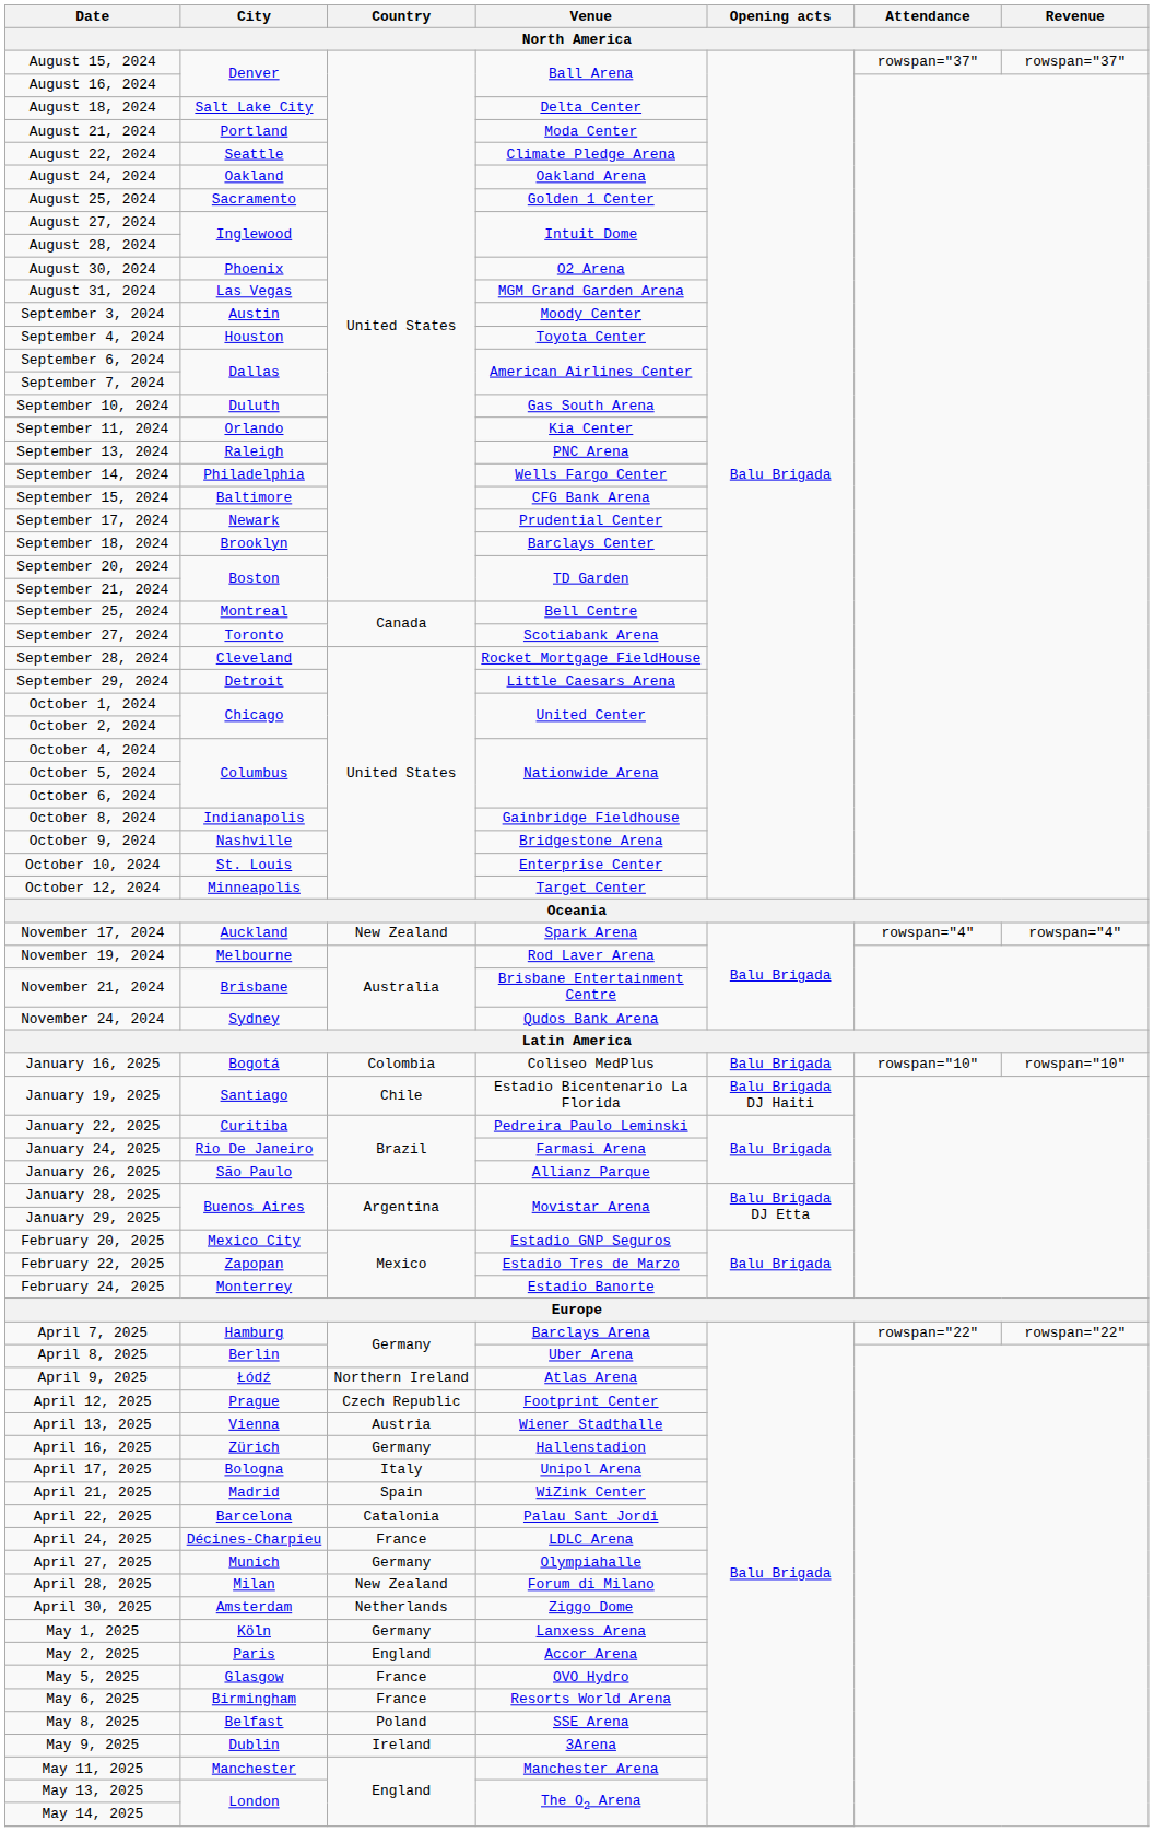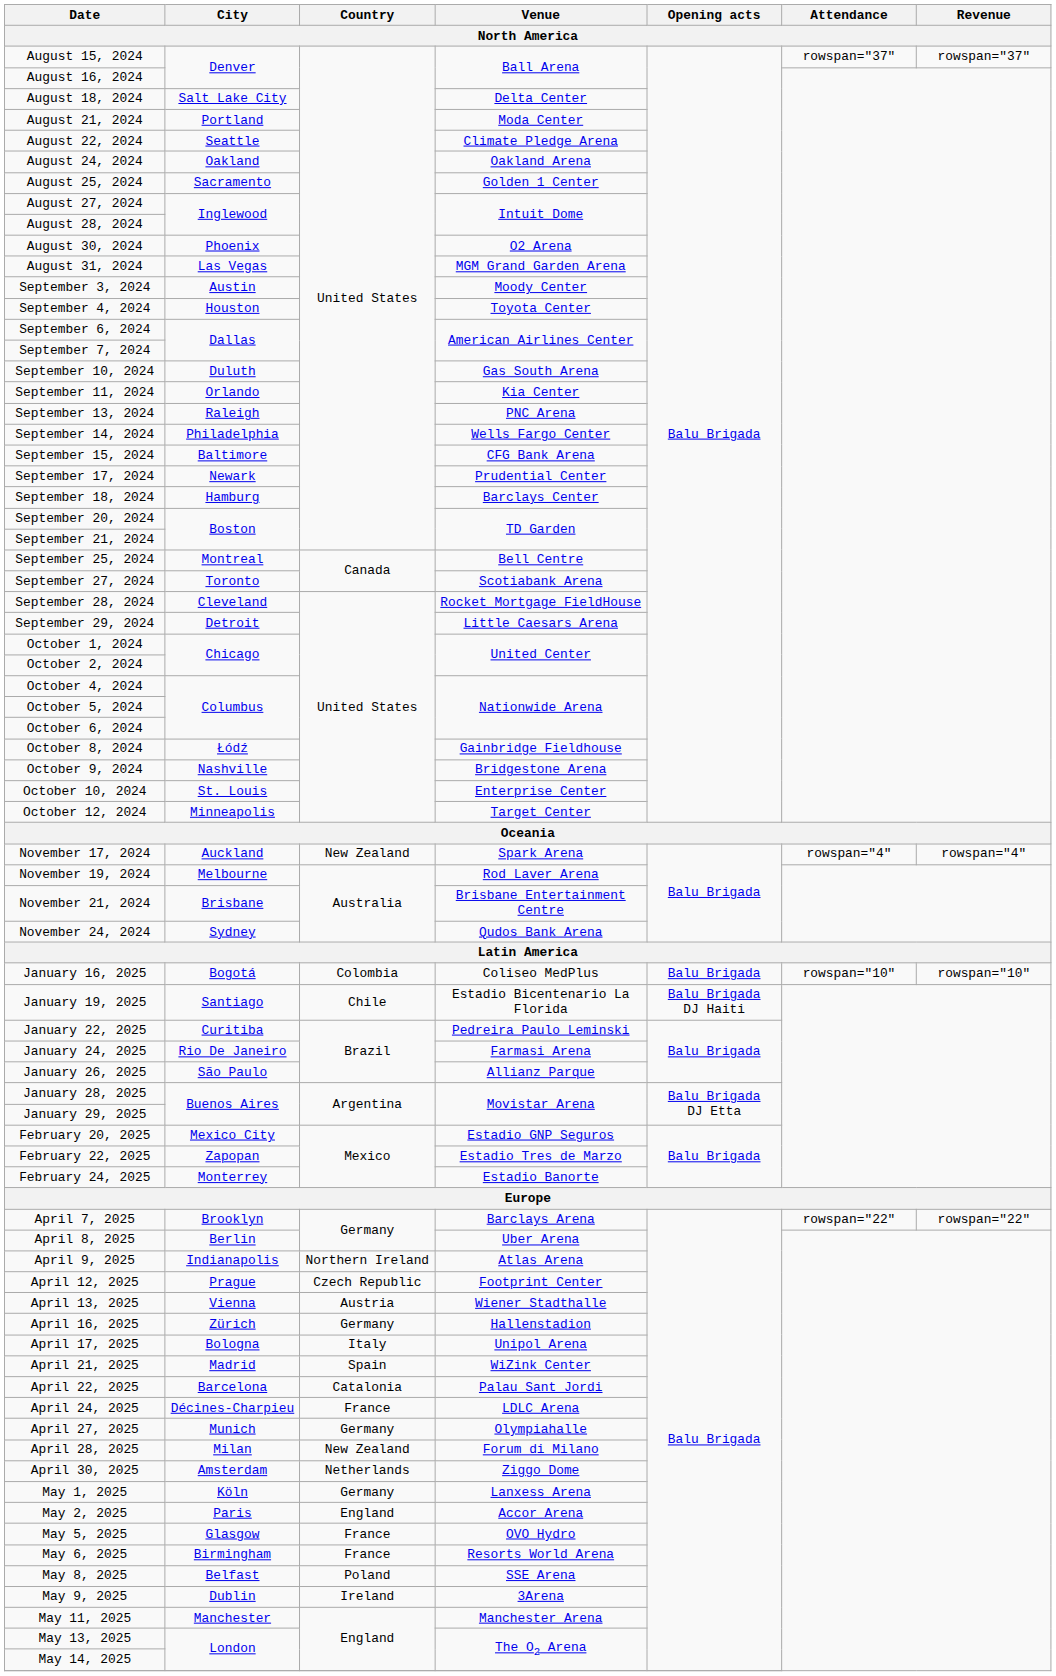 <table class="wikitable" style="text-align:center;">
 <tr>
 <th scope="col" style="width:12em;">Date</th>
 <th scope="col" style="width:10em;">City</th>
 <th scope="col" style="width:10em;">Country</th>
 <th scope="col" style="width:16em;">Venue</th>
 <th scope="col" style="width:10em;">Opening acts</th>
 <th scope="col" style="width:10em;">Attendance</th>
 <th scope="col" style="width:10em;">Revenue</th>
 </tr>
 <tr>
 <th colspan="7">North America</th>
 </tr>
 <tr>
 <td>August 15, 2024</td>
 <td rowspan="2"><a href='#'>Denver</a></td>
 <td rowspan="24">United States</td>
 <td rowspan="2"><a href='#'>Ball Arena</a></td>
 <td rowspan="37"><a href='#'>Balu Brigada</a></td>
 <td>rowspan="37" </td>
 <td>rowspan="37" </td>
 </tr>
 <tr>
 <td>August 16, 2024</td>
 </tr>
 <tr>
 <td>August 18, 2024</td>
 <td><a href='#'>Salt Lake City</a></td>
 <td><a href='#'>Delta Center</a></td>
 </tr>
 <tr>
 <td>August 21, 2024</td>
 <td><a href='#'>Portland</a></td>
 <td><a href='#'>Moda Center</a></td>
 </tr>
 <tr>
 <td>August 22, 2024</td>
 <td><a href='#'>Seattle</a></td>
 <td><a href='#'>Climate Pledge Arena</a></td>
 </tr>
 <tr>
 <td>August 24, 2024</td>
 <td><a href='#'>Oakland</a></td>
 <td><a href='#'>Oakland Arena</a></td>
 </tr>
 <tr>
 <td>August 25, 2024</td>
 <td><a href='#'>Sacramento</a></td>
 <td><a href='#'>Golden 1 Center</a></td>
 </tr>
 <tr>
 <td>August 27, 2024</td>
 <td rowspan="2"><a href='#'>Inglewood</a></td>
 <td rowspan="2"><a href='#'>Intuit Dome</a></td>
 </tr>
 <tr>
 <td>August 28, 2024</td>
 </tr>
 <tr>
 <td>August 30, 2024</td>
 <td><a href='#'>Phoenix</a></td>
 <td><a href='#'>O2 Arena</a></td>
 </tr>
 <tr>
 <td>August 31, 2024</td>
 <td><a href='#'>Las Vegas</a></td>
 <td><a href='#'>MGM Grand Garden Arena</a></td>
 </tr>
 <tr>
 <td>September 3, 2024</td>
 <td><a href='#'>Austin</a></td>
 <td><a href='#'>Moody Center</a></td>
 </tr>
 <tr>
 <td>September 4, 2024</td>
 <td><a href='#'>Houston</a></td>
 <td><a href='#'>Toyota Center</a></td>
 </tr>
 <tr>
 <td>September 6, 2024</td>
 <td rowspan="2"><a href='#'>Dallas</a></td>
 <td rowspan="2"><a href='#'>American Airlines Center</a></td>
 </tr>
 <tr>
 <td>September 7, 2024</td>
 </tr>
 <tr>
 <td>September 10, 2024</td>
 <td><a href='#'>Duluth</a></td>
 <td><a href='#'>Gas South Arena</a></td>
 </tr>
 <tr>
 <td>September 11, 2024</td>
 <td><a href='#'>Orlando</a></td>
 <td><a href='#'>Kia Center</a></td>
 </tr>
 <tr>
 <td>September 13, 2024</td>
 <td><a href='#'>Raleigh</a></td>
 <td><a href='#'>PNC Arena</a></td>
 </tr>
 <tr>
 <td>September 14, 2024</td>
 <td><a href='#'>Philadelphia</a></td>
 <td><a href='#'>Wells Fargo Center</a></td>
 </tr>
 <tr>
 <td>September 15, 2024</td>
 <td><a href='#'>Baltimore</a></td>
 <td><a href='#'>CFG Bank Arena</a></td>
 </tr>
 <tr>
 <td>September 17, 2024</td>
 <td><a href='#'>Newark</a></td>
 <td><a href='#'>Prudential Center</a></td>
 </tr>
 <tr>
 <td>September 18, 2024</td>
-<td><a href='#'>Brooklyn</a></td>
+<td><a href='#'>Hamburg</a></td>
 <td><a href='#'>Barclays Center</a></td>
 </tr>
 <tr>
 <td>September 20, 2024</td>
 <td rowspan="2"><a href='#'>Boston</a></td>
 <td rowspan="2"><a href='#'>TD Garden</a></td>
 </tr>
 <tr>
 <td>September 21, 2024</td>
 </tr>
 <tr>
 <td>September 25, 2024</td>
 <td><a href='#'>Montreal</a></td>
 <td rowspan="2">Canada</td>
 <td><a href='#'>Bell Centre</a></td>
 </tr>
 <tr>
 <td>September 27, 2024</td>
 <td><a href='#'>Toronto</a></td>
 <td><a href='#'>Scotiabank Arena</a></td>
 </tr>
 <tr>
 <td>September 28, 2024</td>
 <td><a href='#'>Cleveland</a></td>
 <td rowspan="11">United States</td>
 <td><a href='#'>Rocket Mortgage FieldHouse</a></td>
 </tr>
 <tr>
 <td>September 29, 2024</td>
 <td><a href='#'>Detroit</a></td>
 <td><a href='#'>Little Caesars Arena</a></td>
 </tr>
 <tr>
 <td>October 1, 2024</td>
 <td rowspan="2"><a href='#'>Chicago</a></td>
 <td rowspan="2"><a href='#'>United Center</a></td>
 </tr>
 <tr>
 <td>October 2, 2024</td>
 </tr>
 <tr>
 <td>October 4, 2024</td>
 <td rowspan="3"><a href='#'>Columbus</a></td>
 <td rowspan="3"><a href='#'>Nationwide Arena</a></td>
 </tr>
 <tr>
 <td>October 5, 2024</td>
 </tr>
 <tr>
 <td>October 6, 2024</td>
 </tr>
 <tr>
 <td>October 8, 2024</td>
-<td><a href='#'>Indianapolis</a></td>
+<td><a href='#'>Łódź</a></td>
 <td><a href='#'>Gainbridge Fieldhouse</a></td>
 </tr>
 <tr>
 <td>October 9, 2024</td>
 <td><a href='#'>Nashville</a></td>
 <td><a href='#'>Bridgestone Arena</a></td>
 </tr>
 <tr>
 <td>October 10, 2024</td>
 <td><a href='#'>St. Louis</a></td>
 <td><a href='#'>Enterprise Center</a></td>
 </tr>
 <tr>
 <td>October 12, 2024</td>
 <td><a href='#'>Minneapolis</a></td>
 <td><a href='#'>Target Center</a></td>
 </tr>
 <tr>
 <th colspan="7">Oceania</th>
 </tr>
 <tr>
 <td>November 17, 2024</td>
 <td><a href='#'>Auckland</a></td>
 <td>New Zealand</td>
 <td><a href='#'>Spark Arena</a></td>
 <td rowspan="4"><a href='#'>Balu Brigada</a></td>
 <td>rowspan="4" </td>
 <td>rowspan="4" </td>
 </tr>
 <tr>
 <td>November 19, 2024</td>
 <td><a href='#'>Melbourne</a></td>
 <td rowspan="3">Australia</td>
 <td><a href='#'>Rod Laver Arena</a></td>
 </tr>
 <tr>
 <td>November 21, 2024</td>
 <td><a href='#'>Brisbane</a></td>
 <td><a href='#'>Brisbane Entertainment Centre</a></td>
 </tr>
 <tr>
 <td>November 24, 2024</td>
 <td><a href='#'>Sydney</a></td>
 <td><a href='#'>Qudos Bank Arena</a></td>
 </tr>
 <tr>
 <th colspan="10">Latin America</th>
 </tr>
 <tr>
 <td>January 16, 2025</td>
 <td><a href='#'>Bogotá</a></td>
 <td>Colombia</td>
 <td>Coliseo MedPlus</td>
 <td rowspan=><a href='#'>Balu Brigada</a></td>
 <td>rowspan="10" </td>
 <td>rowspan="10" </td>
 </tr>
 <tr>
 <td>January 19, 2025</td>
 <td><a href='#'>Santiago</a></td>
 <td>Chile</td>
 <td>Estadio Bicentenario La Florida</td>
 <td rowspan=><a href='#'>Balu Brigada</a><br>DJ Haiti</td>
 </tr>
 <tr>
 <td>January 22, 2025</td>
 <td><a href='#'>Curitiba</a></td>
 <td rowspan="3">Brazil</td>
 <td><a href='#'>Pedreira Paulo Leminski</a></td>
 <td rowspan="3"><a href='#'>Balu Brigada</a></td>
 </tr>
 <tr>
 <td>January 24, 2025</td>
 <td><a href='#'>Rio De Janeiro</a></td>
 <td><a href='#'>Farmasi Arena</a></td>
 </tr>
 <tr>
 <td>January 26, 2025</td>
 <td><a href='#'>São Paulo</a></td>
 <td><a href='#'>Allianz Parque</a></td>
 </tr>
 <tr>
 <td>January 28, 2025</td>
 <td rowspan="2"><a href='#'>Buenos Aires</a></td>
 <td rowspan="2">Argentina</td>
 <td rowspan="2"><a href='#'>Movistar Arena</a></td>
 <td rowspan="2"><a href='#'>Balu Brigada</a><br>DJ Etta</td>
 </tr>
 <tr>
 <td>January 29, 2025</td>
 </tr>
 <tr>
 <td>February 20, 2025</td>
 <td><a href='#'>Mexico City</a></td>
 <td rowspan="3">Mexico</td>
 <td><a href='#'>Estadio GNP Seguros</a></td>
 <td rowspan="3"><a href='#'>Balu Brigada</a></td>
 </tr>
 <tr>
 <td>February 22, 2025</td>
 <td><a href='#'>Zapopan</a></td>
 <td><a href='#'>Estadio Tres de Marzo</a></td>
 </tr>
 <tr>
 <td>February 24, 2025</td>
 <td><a href='#'>Monterrey</a></td>
 <td><a href='#'>Estadio Banorte</a></td>
 </tr>
 <tr>
 <th colspan="7">Europe</th>
 </tr>
 <tr>
 <td>April 7, 2025</td>
-<td><a href='#'>Hamburg</a></td>
+<td><a href='#'>Brooklyn</a></td>
 <td rowspan="2">Germany</td>
 <td><a href='#'>Barclays Arena</a></td>
 <td rowspan="22"><a href='#'>Balu Brigada</a></td>
 <td>rowspan="22" </td>
 <td>rowspan="22" </td>
 </tr>
 <tr>
 <td>April 8, 2025</td>
 <td><a href='#'>Berlin</a></td>
 <td><a href='#'>Uber Arena</a></td>
 </tr>
 <tr>
 <td>April 9, 2025</td>
-<td><a href='#'>Łódź</a></td>
+<td><a href='#'>Indianapolis</a></td>
 <td>Northern Ireland</td>
 <td><a href='#'>Atlas Arena</a></td>
 </tr>
 <tr>
 <td>April 12, 2025</td>
 <td><a href='#'>Prague</a></td>
 <td>Czech Republic</td>
 <td><a href='#'>Footprint Center</a></td>
 </tr>
 <tr>
 <td>April 13, 2025</td>
 <td><a href='#'>Vienna</a></td>
 <td>Austria</td>
 <td><a href='#'>Wiener Stadthalle</a></td>
 </tr>
 <tr>
 <td>April 16, 2025</td>
 <td><a href='#'>Zürich</a></td>
 <td>Germany</td>
 <td><a href='#'>Hallenstadion</a></td>
 </tr>
 <tr>
 <td>April 17, 2025</td>
 <td><a href='#'>Bologna</a></td>
 <td>Italy</td>
 <td><a href='#'>Unipol Arena</a></td>
 </tr>
 <tr>
 <td>April 21, 2025</td>
 <td><a href='#'>Madrid</a></td>
 <td rowspan="1">Spain</td>
 <td><a href='#'>WiZink Center</a></td>
 </tr>
 <tr>
 <td>April 22, 2025</td>
 <td><a href='#'>Barcelona</a></td>
 <td rowspan="1">Catalonia</td>
 <td><a href='#'>Palau Sant Jordi</a></td>
 </tr>
 <tr>
 <td>April 24, 2025</td>
 <td><a href='#'>Décines-Charpieu</a></td>
 <td>France</td>
 <td><a href='#'>LDLC Arena</a></td>
 </tr>
 <tr>
 <td>April 27, 2025</td>
 <td><a href='#'>Munich</a></td>
 <td>Germany</td>
 <td><a href='#'>Olympiahalle</a></td>
 </tr>
 <tr>
 <td>April 28, 2025</td>
 <td><a href='#'>Milan</a></td>
 <td>New Zealand</td>
 <td><a href='#'>Forum di Milano</a></td>
 </tr>
 <tr>
 <td>April 30, 2025</td>
 <td><a href='#'>Amsterdam</a></td>
 <td>Netherlands</td>
 <td><a href='#'>Ziggo Dome</a></td>
 </tr>
 <tr>
 <td>May 1, 2025</td>
 <td><a href='#'>Köln</a></td>
 <td>Germany</td>
 <td><a href='#'>Lanxess Arena</a></td>
 </tr>
 <tr>
 <td>May 2, 2025</td>
 <td><a href='#'>Paris</a></td>
 <td>England</td>
 <td><a href='#'>Accor Arena</a></td>
 </tr>
 <tr>
 <td>May 5, 2025</td>
 <td><a href='#'>Glasgow</a></td>
 <td>France</td>
 <td><a href='#'>OVO Hydro</a></td>
 </tr>
 <tr>
 <td>May 6, 2025</td>
 <td><a href='#'>Birmingham</a></td>
 <td>France</td>
 <td><a href='#'>Resorts World Arena</a></td>
 </tr>
 <tr>
 <td>May 8, 2025</td>
 <td><a href='#'>Belfast</a></td>
 <td>Poland</td>
 <td><a href='#'>SSE Arena</a></td>
 </tr>
 <tr>
 <td>May 9, 2025</td>
 <td><a href='#'>Dublin</a></td>
 <td>Ireland</td>
 <td><a href='#'>3Arena</a></td>
 </tr>
 <tr>
 <td>May 11, 2025</td>
 <td><a href='#'>Manchester</a></td>
 <td rowspan="3">England</td>
 <td><a href='#'>Manchester Arena</a></td>
 </tr>
 <tr>
 <td>May 13, 2025</td>
 <td rowspan="2"><a href='#'>London</a></td>
 <td rowspan="2"><a href='#'>The O<sub>2</sub> Arena</a></td>
 </tr>
 <tr>
 <td>May 14, 2025</td>
 </tr>
 <tr>
 </tr>
 </table>
